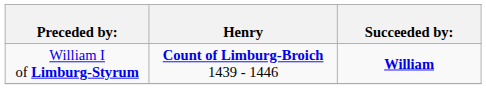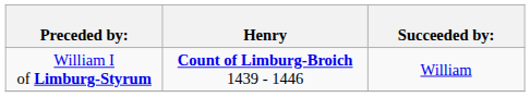 <table class="wikitable" style="margin:1em auto;">
 <tr align="center">
 <th width=150px><br>Preceded by:</th>
 <th width=200px><br>Henry</th>
 <th width=150px><br>Succeeded by:</th>
 </tr>
 <tr align="center">
 <td><a href='#'>William I</a><br>of <strong><a href='#'>Limburg-Styrum</a></strong></td>
 <td><strong><a href='#'>Count of Limburg-Broich</a></strong><br>1439 - 1446</td>
-<td><strong><a href='#'>William</a></strong></td>
+<td><a href='#'>William</a></td>
 </tr>
 <tr>
 </tr>
 </table>
